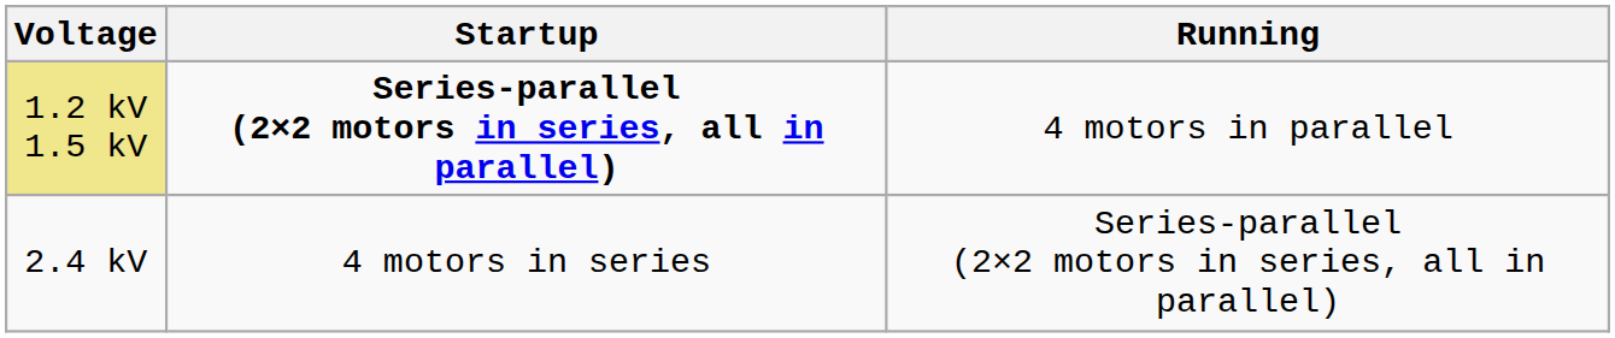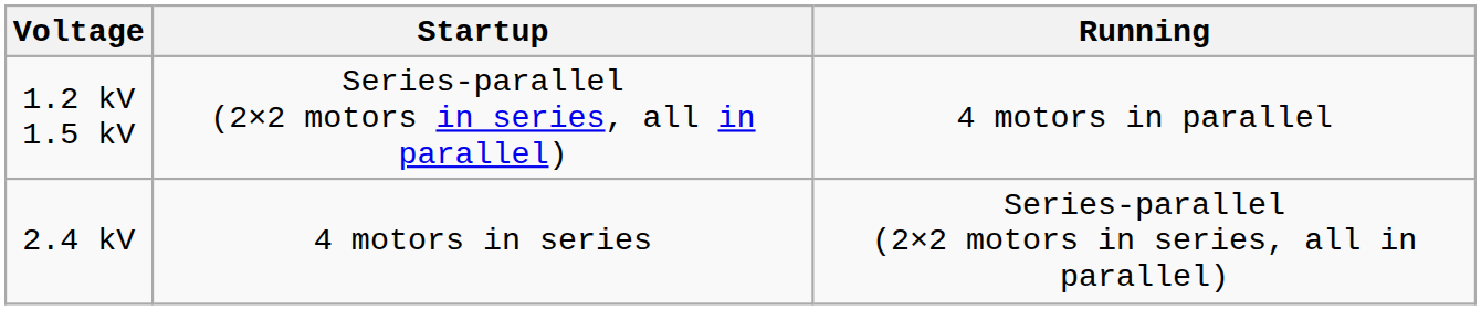 <table class="wikitable" border="1" style="text-align: center">
 <tr>
 <th>Voltage</th>
 <th>Startup</th>
 <th>Running</th>
 </tr>
 <tr>
-<td style="background: khaki;">1.2 kV<br>1.5 kV</td>
-<td><strong>Series-parallel<br>(2×2 motors <a href='#'>in series</a>, all <a href='#'>in parallel</a>)</strong></td>
+<td>1.2 kV<br>1.5 kV</td>
+<td>Series-parallel<br>(2×2 motors <a href='#'>in series</a>, all <a href='#'>in parallel</a>)</td>
 <td>4 motors in parallel</td>
 </tr>
 <tr>
 <td>2.4 kV</td>
 <td>4 motors in series</td>
 <td>Series-parallel<br>(2×2 motors in series, all in parallel)</td>
 </tr>
 </table>
